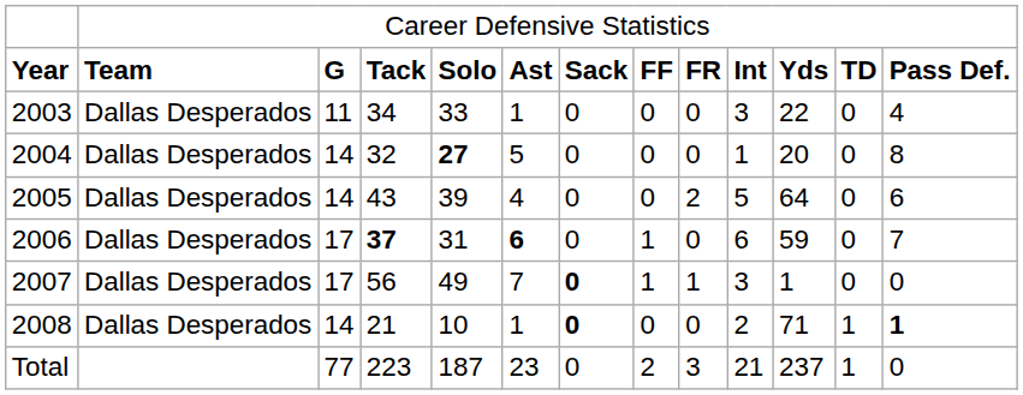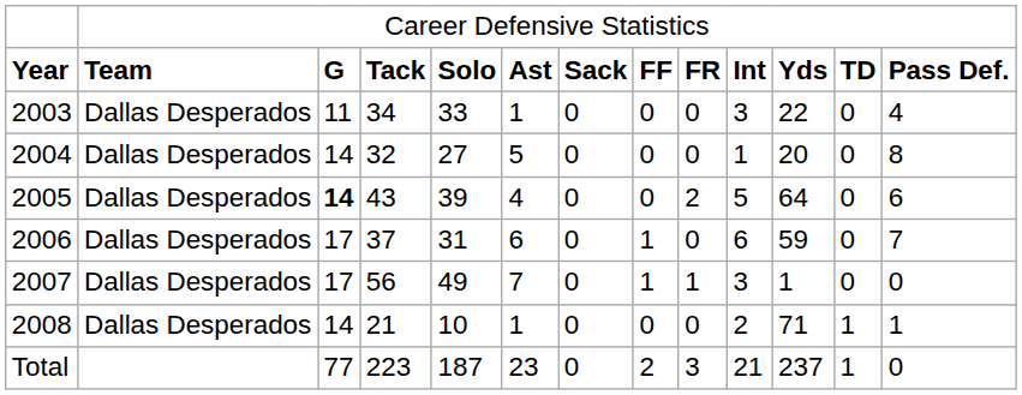 <table class="wikitable" border=0 style="background: #FFFFFF;">
 <tr>
 <td colspan=1></td>
 <td colspan=15 align="center">Career Defensive Statistics</td>
 </tr>
 <tr>
 <td><strong>Year</strong></td>
 <td><strong>Team</strong></td>
 <td><strong>G</strong></td>
 <td><strong>Tack</strong></td>
 <td><strong>Solo</strong></td>
 <td><strong>Ast</strong></td>
 <td><strong>Sack</strong></td>
 <td><strong>FF</strong></td>
 <td><strong>FR</strong></td>
 <td><strong>Int</strong></td>
 <td><strong>Yds</strong></td>
 <td><strong>TD</strong></td>
 <td><strong>Pass Def.</strong></td>
 </tr>
 <tr>
 <td>2003</td>
 <td>Dallas Desperados</td>
 <td>11</td>
 <td>34</td>
 <td>33</td>
 <td>1</td>
 <td>0</td>
 <td>0</td>
 <td>0</td>
 <td>3</td>
 <td>22</td>
 <td>0</td>
 <td>4</td>
 </tr>
 <tr>
 <td>2004</td>
 <td>Dallas Desperados</td>
 <td>14</td>
 <td>32</td>
-<td><strong>27</strong></td>
+<td>27</td>
 <td>5</td>
 <td>0</td>
 <td>0</td>
 <td>0</td>
 <td>1</td>
 <td>20</td>
 <td>0</td>
 <td>8</td>
 </tr>
 <tr>
 <td>2005</td>
 <td>Dallas Desperados</td>
-<td>14</td>
+<td><strong>14</strong></td>
 <td>43</td>
 <td>39</td>
 <td>4</td>
 <td>0</td>
 <td>0</td>
 <td>2</td>
 <td>5</td>
 <td>64</td>
 <td>0</td>
 <td>6</td>
 </tr>
 <tr>
 <td>2006</td>
 <td>Dallas Desperados</td>
 <td>17</td>
-<td><strong>37</strong></td>
+<td>37</td>
 <td>31</td>
-<td><strong>6</strong></td>
+<td>6</td>
 <td>0</td>
 <td>1</td>
 <td>0</td>
 <td>6</td>
 <td>59</td>
 <td>0</td>
 <td>7</td>
 </tr>
 <tr>
 <td>2007</td>
 <td>Dallas Desperados</td>
 <td>17</td>
 <td>56</td>
 <td>49</td>
 <td>7</td>
-<td><strong>0</strong></td>
+<td>0</td>
 <td>1</td>
 <td>1</td>
 <td>3</td>
 <td>1</td>
 <td>0</td>
 <td>0</td>
 </tr>
 <tr>
 <td>2008</td>
 <td>Dallas Desperados</td>
 <td>14</td>
 <td>21</td>
 <td>10</td>
 <td>1</td>
-<td><strong>0</strong></td>
+<td>0</td>
 <td>0</td>
 <td>0</td>
 <td>2</td>
 <td>71</td>
 <td>1</td>
-<td><strong>1</strong></td>
+<td>1</td>
 </tr>
 <tr>
 <td>Total</td>
 <td></td>
 <td>77</td>
 <td>223</td>
 <td>187</td>
 <td>23</td>
 <td>0</td>
 <td>2</td>
 <td>3</td>
 <td>21</td>
 <td>237</td>
 <td>1</td>
 <td>0</td>
 </tr>
 </table>
